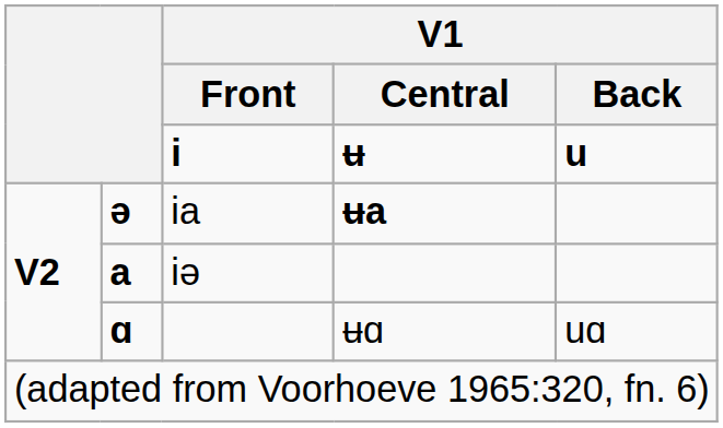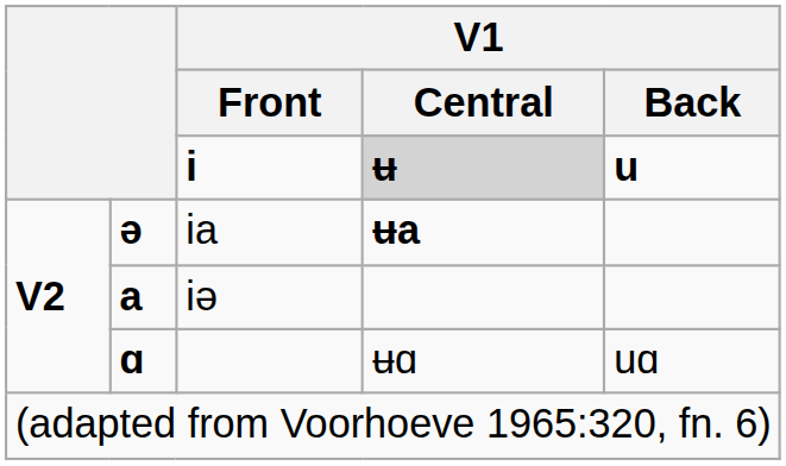 <table class="wikitable">
 <tr>
 <th colspan="2" rowspan="3"></th>
 <th colspan="3">V1</th>
 </tr>
 <tr>
 <th>Front</th>
 <th>Central</th>
 <th>Back</th>
 </tr>
 <tr>
 <td><strong>i</strong></td>
-<td><strong>ʉ</strong></td>
+<td style="background: lightgrey;"><strong>ʉ</strong></td>
 <td><strong>u</strong></td>
 </tr>
 <tr>
 <td rowspan="3"><strong>V2</strong></td>
 <td><strong>ə</strong></td>
 <td>ia</td>
 <td><strong>ʉa</strong></td>
 <td></td>
 </tr>
 <tr>
 <td><strong>a</strong></td>
 <td>iə</td>
 <td></td>
 <td></td>
 </tr>
 <tr>
 <td><strong>ɑ</strong></td>
 <td></td>
 <td>ʉɑ</td>
 <td>uɑ</td>
 </tr>
 <tr>
 <td colspan="5">(adapted from Voorhoeve 1965:320, fn. 6)</td>
 </tr>
 </table>
